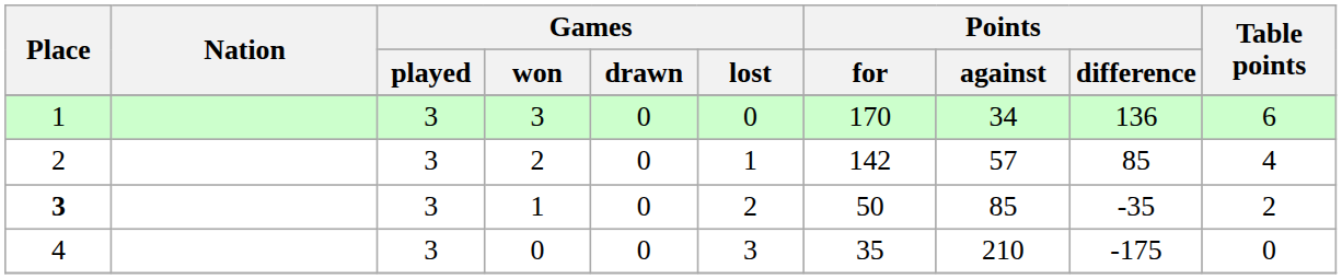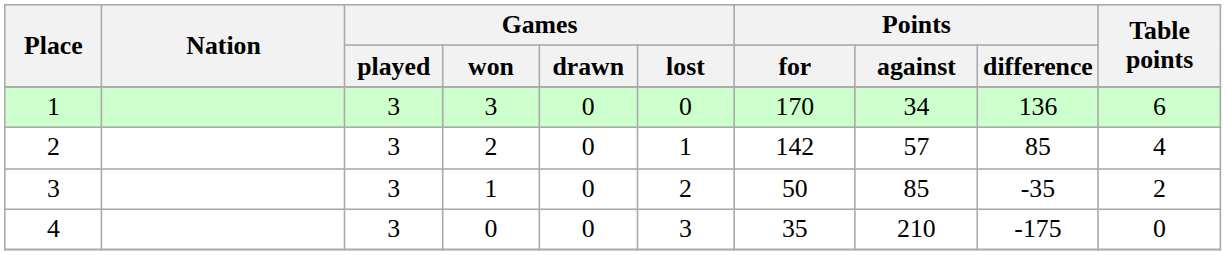 <table class="wikitable">
 <tr>
 <th rowspan=2 width="8%">Place</th>
 <th rowspan=2 width="20%">Nation</th>
 <th colspan=4 width="32%">Games</th>
 <th colspan=3 width="30%">Points</th>
 <th rowspan=2 width="10%">Table<br>points</th>
 </tr>
 <tr>
 <th width="8%">played</th>
 <th width="8%">won</th>
 <th width="8%">drawn</th>
 <th width="8%">lost</th>
 <th width="10%">for</th>
 <th width="10%">against</th>
 <th width="10%">difference</th>
 </tr>
 <tr>
 </tr>
 <tr bgcolor=#ccffcc align=center>
 <td>1</td>
 <td align=left><strong></strong></td>
 <td>3</td>
 <td>3</td>
 <td>0</td>
 <td>0</td>
 <td>170</td>
 <td>34</td>
 <td>136</td>
 <td>6</td>
 </tr>
 <tr bgcolor=#ffffff align=center>
 <td>2</td>
 <td align=left></td>
 <td>3</td>
 <td>2</td>
 <td>0</td>
 <td>1</td>
 <td>142</td>
 <td>57</td>
 <td>85</td>
 <td>4</td>
 </tr>
 <tr bgcolor=#ffffff align=center>
-<td><strong>3</strong></td>
+<td>3</td>
 <td align=left></td>
 <td>3</td>
 <td>1</td>
 <td>0</td>
 <td>2</td>
 <td>50</td>
 <td>85</td>
 <td>-35</td>
 <td>2</td>
 </tr>
 <tr bgcolor=#ffffff align=center>
 <td>4</td>
 <td align=left></td>
 <td>3</td>
 <td>0</td>
 <td>0</td>
 <td>3</td>
 <td>35</td>
 <td>210</td>
 <td>-175</td>
 <td>0</td>
 </tr>
 <tr bgcolor=#ffcccc align=center>
 </tr>
 </table>
